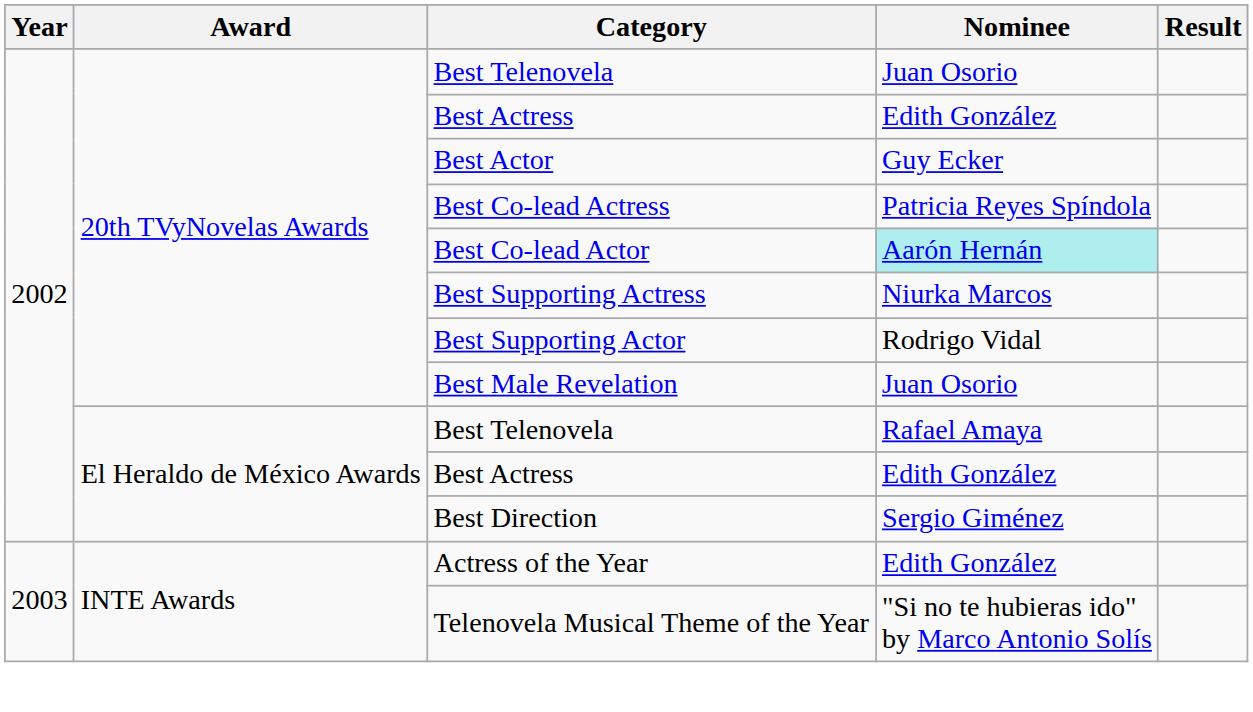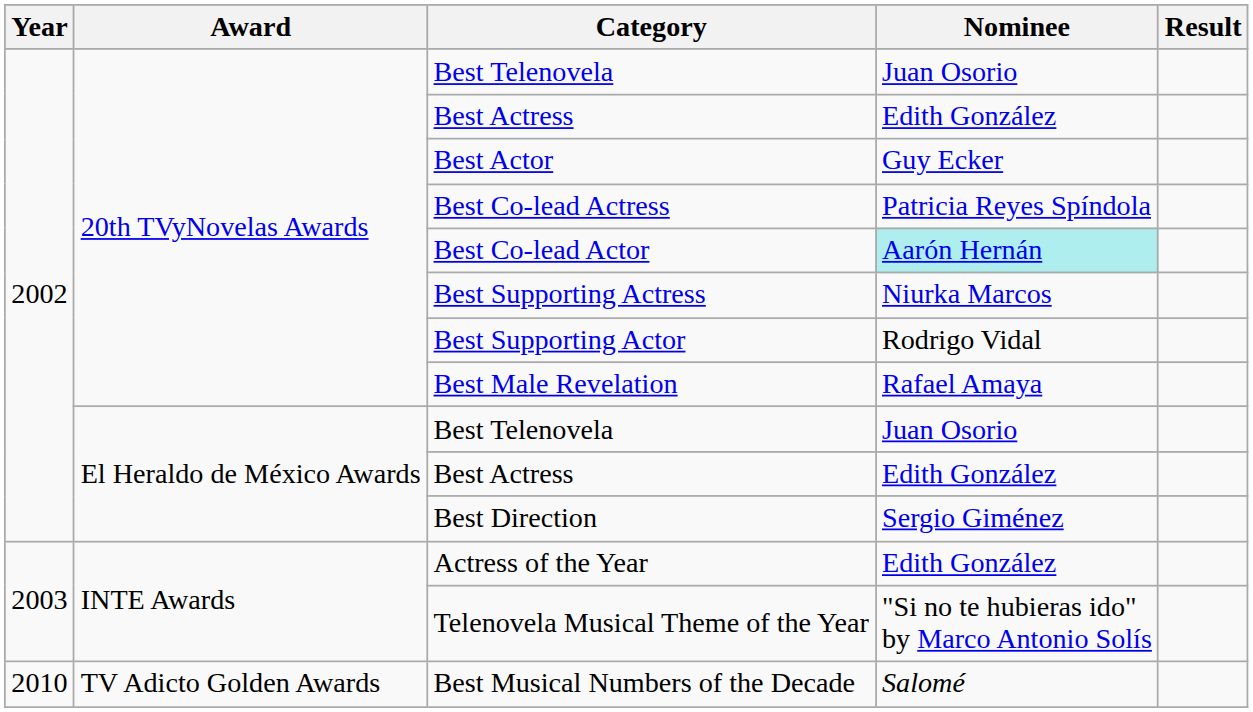 <table class="wikitable">
 <tr style="background:#b0c4de;">
 <th>Year</th>
 <th>Award</th>
 <th>Category</th>
 <th>Nominee</th>
 <th>Result</th>
 </tr>
 <tr>
 <td rowspan=11>2002</td>
 <td rowspan=8><a href='#'>20th TVyNovelas Awards</a></td>
 <td><a href='#'>Best Telenovela</a></td>
 <td><a href='#'>Juan Osorio</a></td>
 <td></td>
 </tr>
 <tr>
 <td><a href='#'>Best Actress</a></td>
 <td><a href='#'>Edith González</a></td>
 <td></td>
 </tr>
 <tr>
 <td><a href='#'>Best Actor</a></td>
 <td><a href='#'>Guy Ecker</a></td>
 <td></td>
 </tr>
 <tr>
 <td><a href='#'>Best Co-lead Actress</a></td>
 <td><a href='#'>Patricia Reyes Spíndola</a></td>
 <td></td>
 </tr>
 <tr>
 <td><a href='#'>Best Co-lead Actor</a></td>
 <td style="background: paleturquoise;"><a href='#'>Aarón Hernán</a></td>
 <td></td>
 </tr>
 <tr>
 <td><a href='#'>Best Supporting Actress</a></td>
 <td><a href='#'>Niurka Marcos</a></td>
 <td></td>
 </tr>
 <tr>
 <td><a href='#'>Best Supporting Actor</a></td>
 <td>Rodrigo Vidal</td>
 <td></td>
 </tr>
 <tr>
 <td><a href='#'>Best Male Revelation</a></td>
-<td><a href='#'>Juan Osorio</a></td>
+<td><a href='#'>Rafael Amaya</a></td>
 <td></td>
 </tr>
 <tr>
 <td rowspan=3>El Heraldo de México Awards</td>
 <td>Best Telenovela</td>
-<td><a href='#'>Rafael Amaya</a></td>
+<td><a href='#'>Juan Osorio</a></td>
 <td></td>
 </tr>
 <tr>
 <td>Best Actress</td>
 <td><a href='#'>Edith González</a></td>
 <td></td>
 </tr>
 <tr>
 <td>Best Direction</td>
 <td><a href='#'>Sergio Giménez</a></td>
 <td></td>
 </tr>
 <tr>
 <td rowspan=2>2003</td>
 <td rowspan=2>INTE Awards</td>
 <td>Actress of the Year</td>
 <td><a href='#'>Edith González</a></td>
 <td></td>
 </tr>
 <tr>
 <td>Telenovela Musical Theme of the Year</td>
 <td>"Si no te hubieras ido" <br> by <a href='#'>Marco Antonio Solís</a></td>
 <td></td>
 </tr>
+<tr>
+<td>2010</td>
+<td>TV Adicto Golden Awards</td>
+<td>Best Musical Numbers of the Decade</td>
+<td><em>Salomé</em></td>
+<td></td>
+</tr>
 </table>
